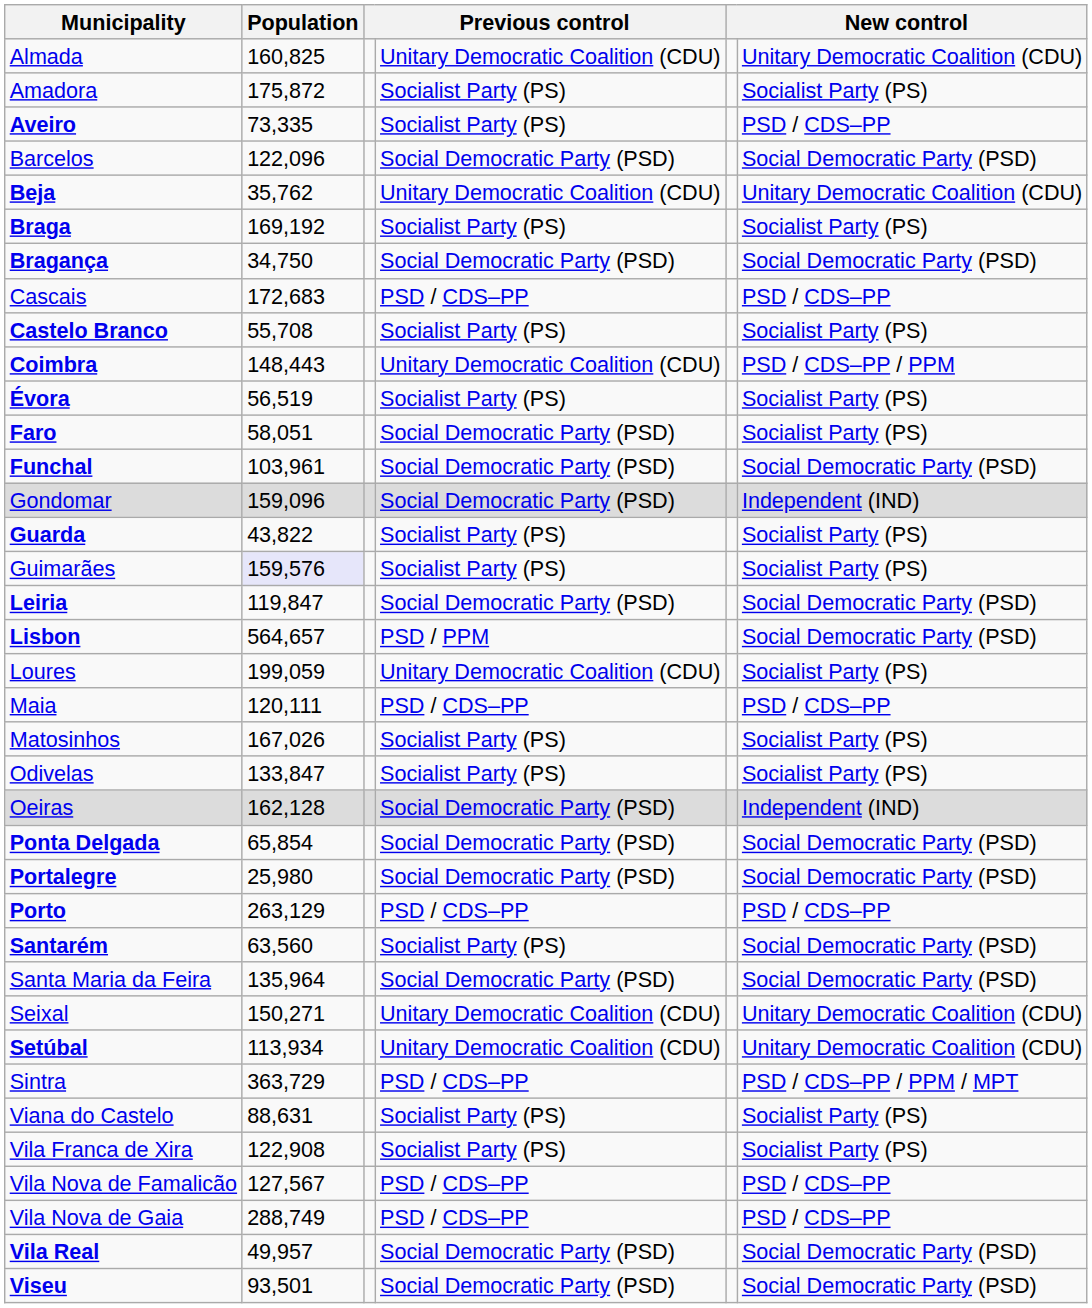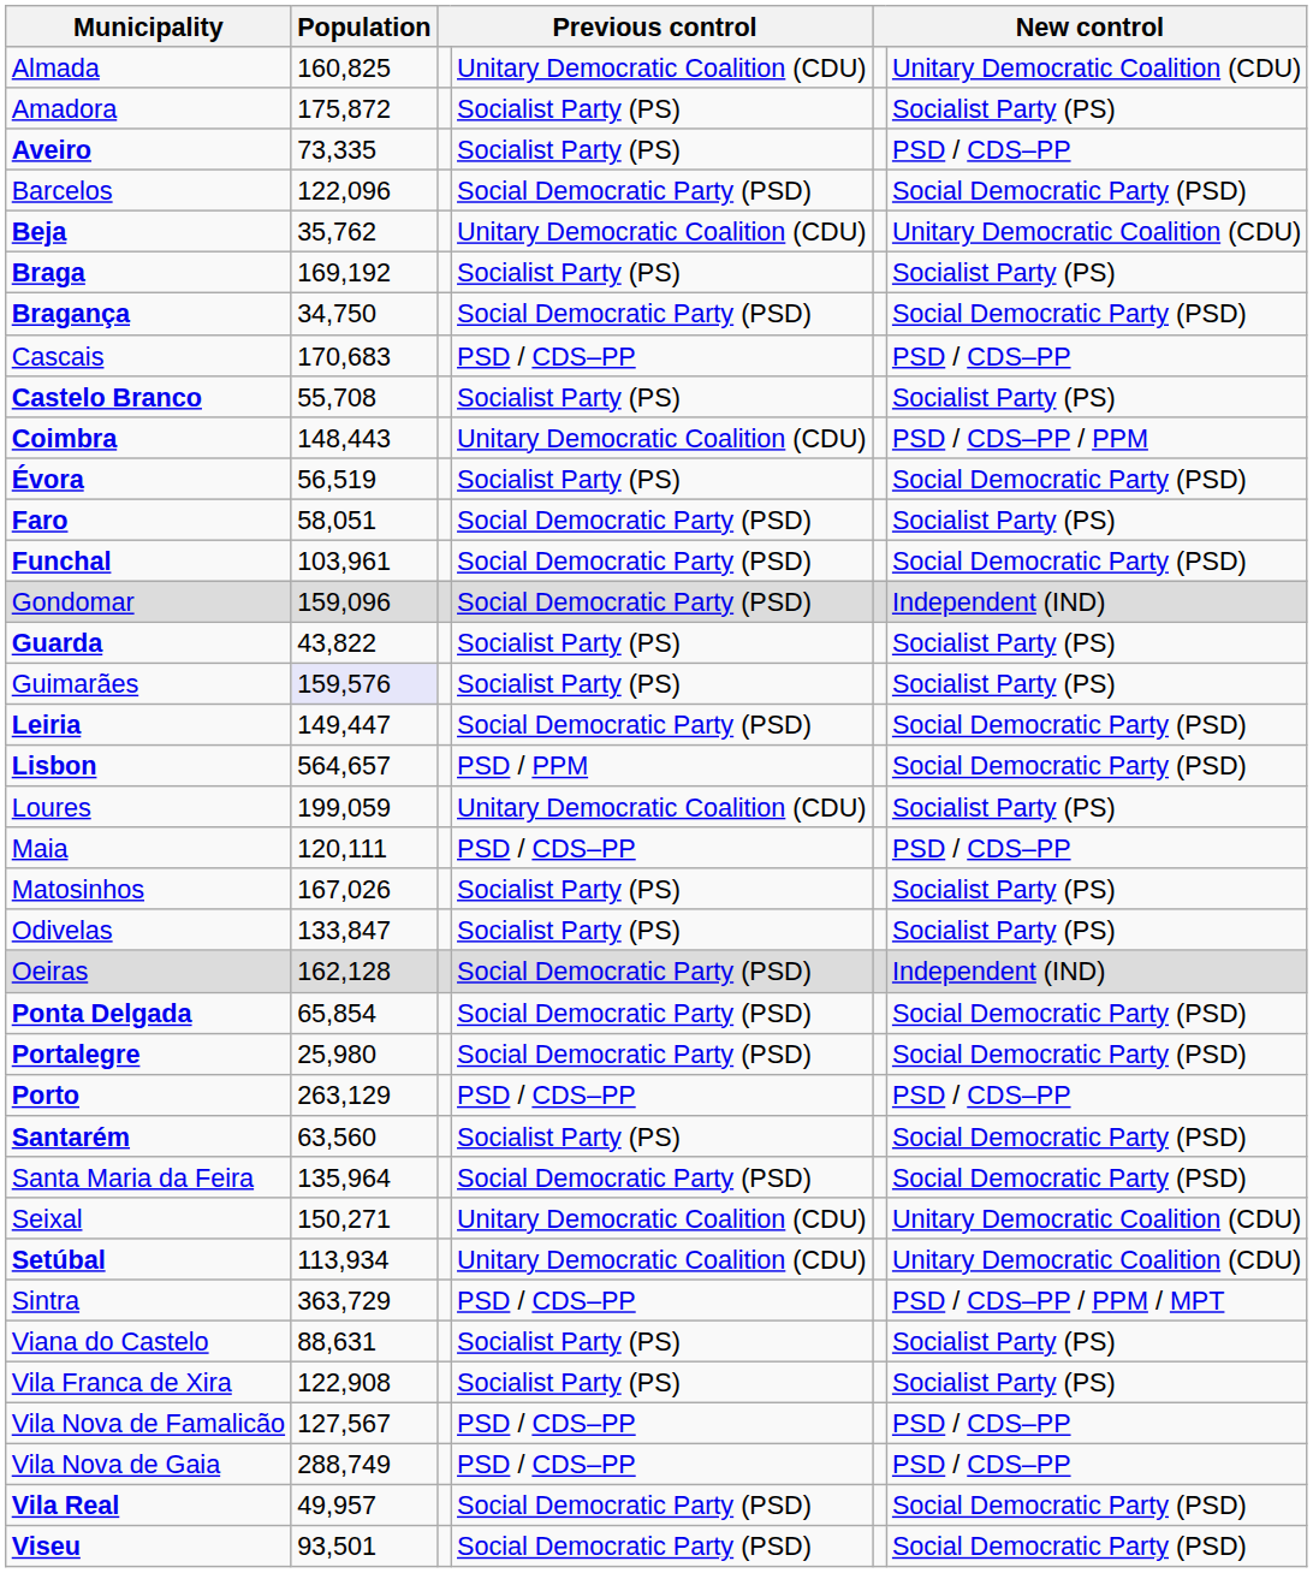 <table class="wikitable sortable" style="font-size:95%;">
 <tr>
 <th>Municipality</th>
 <th>Population</th>
 <th colspan="2" style="width:200px;">Previous control</th>
 <th colspan="2" style="width:200px;">New control</th>
 </tr>
 <tr>
 <td><a href='#'>Almada</a></td>
 <td>160,825</td>
 <td width="1" style="color:inherit;background:"></td>
 <td><a href='#'>Unitary Democratic Coalition</a> (CDU)</td>
 <td width="1" style="color:inherit;background:"></td>
 <td><a href='#'>Unitary Democratic Coalition</a> (CDU)</td>
 </tr>
 <tr>
 <td><a href='#'>Amadora</a></td>
 <td>175,872</td>
 <td width="1" style="color:inherit;background:"></td>
 <td><a href='#'>Socialist Party</a> (PS)</td>
 <td width="1" style="color:inherit;background:"></td>
 <td><a href='#'>Socialist Party</a> (PS)</td>
 </tr>
 <tr>
 <td><a href='#'><strong>Aveiro</strong></a></td>
 <td>73,335</td>
 <td width="1" style="color:inherit;background:"></td>
 <td><a href='#'>Socialist Party</a> (PS)</td>
 <td width="1" style="color:inherit;background:"></td>
 <td><a href='#'>PSD</a> / <a href='#'>CDS–PP</a></td>
 </tr>
 <tr>
 <td><a href='#'>Barcelos</a></td>
 <td>122,096</td>
 <td width="1" style="color:inherit;background:"></td>
 <td><a href='#'>Social Democratic Party</a> (PSD)</td>
 <td width="1" style="color:inherit;background:"></td>
 <td><a href='#'>Social Democratic Party</a> (PSD)</td>
 </tr>
 <tr>
 <td><a href='#'><strong>Beja</strong></a></td>
 <td>35,762</td>
 <td width="1" style="color:inherit;background:"></td>
 <td><a href='#'>Unitary Democratic Coalition</a> (CDU)</td>
 <td width="1" style="color:inherit;background:"></td>
 <td><a href='#'>Unitary Democratic Coalition</a> (CDU)</td>
 </tr>
 <tr>
 <td><strong><a href='#'>Braga</a></strong></td>
 <td>169,192</td>
 <td width="1" style="color:inherit;background:"></td>
 <td><a href='#'>Socialist Party</a> (PS)</td>
 <td width="1" style="color:inherit;background:"></td>
 <td><a href='#'>Socialist Party</a> (PS)</td>
 </tr>
 <tr>
 <td><a href='#'><strong>Bragança</strong></a></td>
 <td>34,750</td>
 <td width="1" style="color:inherit;background:"></td>
 <td><a href='#'>Social Democratic Party</a> (PSD)</td>
 <td width="1" style="color:inherit;background:"></td>
 <td><a href='#'>Social Democratic Party</a> (PSD)</td>
 </tr>
 <tr>
 <td><a href='#'>Cascais</a></td>
-<td>172,683</td>
+<td>170,683</td>
 <td width="1" style="color:inherit;background:"></td>
 <td><a href='#'>PSD</a> / <a href='#'>CDS–PP</a></td>
 <td width="1" style="color:inherit;background:"></td>
 <td><a href='#'>PSD</a> / <a href='#'>CDS–PP</a></td>
 </tr>
 <tr>
 <td><a href='#'><strong>Castelo Branco</strong></a></td>
 <td>55,708</td>
 <td width="1" style="color:inherit;background:"></td>
 <td><a href='#'>Socialist Party</a> (PS)</td>
 <td width="1" style="color:inherit;background:"></td>
 <td><a href='#'>Socialist Party</a> (PS)</td>
 </tr>
 <tr>
 <td><strong><a href='#'>Coimbra</a></strong></td>
 <td>148,443</td>
 <td width="1" style="color:inherit;background:"></td>
 <td><a href='#'>Unitary Democratic Coalition</a> (CDU)</td>
 <td width="1" style="color:inherit;background:"></td>
 <td><a href='#'>PSD</a> / <a href='#'>CDS–PP</a> / <a href='#'>PPM</a></td>
 </tr>
 <tr>
 <td><strong><a href='#'>Évora</a></strong></td>
 <td>56,519</td>
 <td width="1" style="color:inherit;background:"></td>
 <td><a href='#'>Socialist Party</a> (PS)</td>
 <td width="1" style="color:inherit;background:"></td>
-<td><a href='#'>Socialist Party</a> (PS)</td>
+<td><a href='#'>Social Democratic Party</a> (PSD)</td>
 </tr>
 <tr>
 <td><a href='#'><strong>Faro</strong></a></td>
 <td>58,051</td>
 <td width="1" style="color:inherit;background:"></td>
 <td><a href='#'>Social Democratic Party</a> (PSD)</td>
 <td width="1" style="color:inherit;background:"></td>
 <td><a href='#'>Socialist Party</a> (PS)</td>
 </tr>
 <tr>
 <td><strong><a href='#'>Funchal</a></strong></td>
 <td>103,961</td>
 <td width="1" style="color:inherit;background:"></td>
 <td><a href='#'>Social Democratic Party</a> (PSD)</td>
 <td width="1" style="color:inherit;background:"></td>
 <td><a href='#'>Social Democratic Party</a> (PSD)</td>
 </tr>
 <tr style="background-color:#DCDCDC">
 <td><a href='#'>Gondomar</a></td>
 <td>159,096</td>
 <td width="1" style="color:inherit;background:"></td>
 <td><a href='#'>Social Democratic Party</a> (PSD)</td>
 <td width="1" style="color:inherit;background:"></td>
 <td><a href='#'>Independent</a> (IND)</td>
 </tr>
 <tr>
 <td><a href='#'><strong>Guarda</strong></a></td>
 <td>43,822</td>
 <td width="1" style="color:inherit;background:"></td>
 <td><a href='#'>Socialist Party</a> (PS)</td>
 <td width="1" style="color:inherit;background:"></td>
 <td><a href='#'>Socialist Party</a> (PS)</td>
 </tr>
 <tr>
 <td><a href='#'>Guimarães</a></td>
 <td style="background: lavender;">159,576</td>
 <td width="1" style="color:inherit;background:"></td>
 <td><a href='#'>Socialist Party</a> (PS)</td>
 <td width="1" style="color:inherit;background:"></td>
 <td><a href='#'>Socialist Party</a> (PS)</td>
 </tr>
 <tr>
 <td><strong><a href='#'>Leiria</a></strong></td>
-<td>119,847</td>
+<td>149,447</td>
 <td width="1" style="color:inherit;background:"></td>
 <td><a href='#'>Social Democratic Party</a> (PSD)</td>
 <td width="1" style="color:inherit;background:"></td>
 <td><a href='#'>Social Democratic Party</a> (PSD)</td>
 </tr>
 <tr>
 <td><a href='#'><strong>Lisbon</strong></a></td>
 <td>564,657</td>
 <td width="1" style="color:inherit;background:"></td>
 <td><a href='#'>PSD</a> / <a href='#'>PPM</a></td>
 <td width="1" style="color:inherit;background:"></td>
 <td><a href='#'>Social Democratic Party</a> (PSD)</td>
 </tr>
 <tr>
 <td><a href='#'>Loures</a></td>
 <td>199,059</td>
 <td width="1" style="color:inherit;background:"></td>
 <td><a href='#'>Unitary Democratic Coalition</a> (CDU)</td>
 <td width="1" style="color:inherit;background:"></td>
 <td><a href='#'>Socialist Party</a> (PS)</td>
 </tr>
 <tr>
 <td><a href='#'>Maia</a></td>
 <td>120,111</td>
 <td width="1" style="color:inherit;background:"></td>
 <td><a href='#'>PSD</a> / <a href='#'>CDS–PP</a></td>
 <td width="1" style="color:inherit;background:"></td>
 <td><a href='#'>PSD</a> / <a href='#'>CDS–PP</a></td>
 </tr>
 <tr>
 <td><a href='#'>Matosinhos</a></td>
 <td>167,026</td>
 <td width="1" style="color:inherit;background:"></td>
 <td><a href='#'>Socialist Party</a> (PS)</td>
 <td width="1" style="color:inherit;background:"></td>
 <td><a href='#'>Socialist Party</a> (PS)</td>
 </tr>
 <tr>
 <td><a href='#'>Odivelas</a></td>
 <td>133,847</td>
 <td width="1" style="color:inherit;background:"></td>
 <td><a href='#'>Socialist Party</a> (PS)</td>
 <td width="1" style="color:inherit;background:"></td>
 <td><a href='#'>Socialist Party</a> (PS)</td>
 </tr>
 <tr style="background-color:#DCDCDC">
 <td><a href='#'>Oeiras</a></td>
 <td>162,128</td>
 <td width="1" style="color:inherit;background:"></td>
 <td><a href='#'>Social Democratic Party</a> (PSD)</td>
 <td width="1" style="color:inherit;background:"></td>
 <td><a href='#'>Independent</a> (IND)</td>
 </tr>
 <tr>
 <td><strong><a href='#'>Ponta Delgada</a></strong></td>
 <td>65,854</td>
 <td width="1" style="color:inherit;background:"></td>
 <td><a href='#'>Social Democratic Party</a> (PSD)</td>
 <td width="1" style="color:inherit;background:"></td>
 <td><a href='#'>Social Democratic Party</a> (PSD)</td>
 </tr>
 <tr>
 <td><a href='#'><strong>Portalegre</strong></a></td>
 <td>25,980</td>
 <td width="1" style="color:inherit;background:"></td>
 <td><a href='#'>Social Democratic Party</a> (PSD)</td>
 <td width="1" style="color:inherit;background:"></td>
 <td><a href='#'>Social Democratic Party</a> (PSD)</td>
 </tr>
 <tr>
 <td><strong><a href='#'>Porto</a></strong></td>
 <td>263,129</td>
 <td width="1" style="color:inherit;background:"></td>
 <td><a href='#'>PSD</a> / <a href='#'>CDS–PP</a></td>
 <td width="1" style="color:inherit;background:"></td>
 <td><a href='#'>PSD</a> / <a href='#'>CDS–PP</a></td>
 </tr>
 <tr>
 <td><a href='#'><strong>Santarém</strong></a></td>
 <td>63,560</td>
 <td width="1" style="color:inherit;background:"></td>
 <td><a href='#'>Socialist Party</a> (PS)</td>
 <td width="1" style="color:inherit;background:"></td>
 <td><a href='#'>Social Democratic Party</a> (PSD)</td>
 </tr>
 <tr>
 <td><a href='#'>Santa Maria da Feira</a></td>
 <td>135,964</td>
 <td width="1" style="color:inherit;background:"></td>
 <td><a href='#'>Social Democratic Party</a> (PSD)</td>
 <td width="1" style="color:inherit;background:"></td>
 <td><a href='#'>Social Democratic Party</a> (PSD)</td>
 </tr>
 <tr>
 <td><a href='#'>Seixal</a></td>
 <td>150,271</td>
 <td width="1" style="color:inherit;background:"></td>
 <td><a href='#'>Unitary Democratic Coalition</a> (CDU)</td>
 <td width="1" style="color:inherit;background:"></td>
 <td><a href='#'>Unitary Democratic Coalition</a> (CDU)</td>
 </tr>
 <tr>
 <td><strong><a href='#'>Setúbal</a></strong></td>
 <td>113,934</td>
 <td width="1" style="color:inherit;background:"></td>
 <td><a href='#'>Unitary Democratic Coalition</a> (CDU)</td>
 <td width="1" style="color:inherit;background:"></td>
 <td><a href='#'>Unitary Democratic Coalition</a> (CDU)</td>
 </tr>
 <tr>
 <td><a href='#'>Sintra</a></td>
 <td>363,729</td>
 <td width="1" style="color:inherit;background:"></td>
 <td><a href='#'>PSD</a> / <a href='#'>CDS–PP</a></td>
 <td width="1" style="color:inherit;background:"></td>
 <td><a href='#'>PSD</a> / <a href='#'>CDS–PP</a> / <a href='#'>PPM</a> / <a href='#'>MPT</a></td>
 </tr>
 <tr>
 <td><a href='#'>Viana do Castelo</a></td>
 <td>88,631</td>
 <td width="1" style="color:inherit;background:"></td>
 <td><a href='#'>Socialist Party</a> (PS)</td>
 <td width="1" style="color:inherit;background:"></td>
 <td><a href='#'>Socialist Party</a> (PS)</td>
 </tr>
 <tr>
 <td><a href='#'>Vila Franca de Xira</a></td>
 <td>122,908</td>
 <td width="1" style="color:inherit;background:"></td>
 <td><a href='#'>Socialist Party</a> (PS)</td>
 <td width="1" style="color:inherit;background:"></td>
 <td><a href='#'>Socialist Party</a> (PS)</td>
 </tr>
 <tr>
 <td><a href='#'>Vila Nova de Famalicão</a></td>
 <td>127,567</td>
 <td width="1" style="color:inherit;background:"></td>
 <td><a href='#'>PSD</a> / <a href='#'>CDS–PP</a></td>
 <td width="1" style="color:inherit;background:"></td>
 <td><a href='#'>PSD</a> / <a href='#'>CDS–PP</a></td>
 </tr>
 <tr>
 <td><a href='#'>Vila Nova de Gaia</a></td>
 <td>288,749</td>
 <td width="1" style="color:inherit;background:"></td>
 <td><a href='#'>PSD</a> / <a href='#'>CDS–PP</a></td>
 <td width="1" style="color:inherit;background:"></td>
 <td><a href='#'>PSD</a> / <a href='#'>CDS–PP</a></td>
 </tr>
 <tr>
 <td><strong><a href='#'>Vila Real</a></strong></td>
 <td>49,957</td>
 <td width="1" style="color:inherit;background:"></td>
 <td><a href='#'>Social Democratic Party</a> (PSD)</td>
 <td width="1" style="color:inherit;background:"></td>
 <td><a href='#'>Social Democratic Party</a> (PSD)</td>
 </tr>
 <tr>
 <td><strong><a href='#'>Viseu</a></strong></td>
 <td>93,501</td>
 <td width="1" style="color:inherit;background:"></td>
 <td><a href='#'>Social Democratic Party</a> (PSD)</td>
 <td width="1" style="color:inherit;background:"></td>
 <td><a href='#'>Social Democratic Party</a> (PSD)</td>
 </tr>
 </table>
